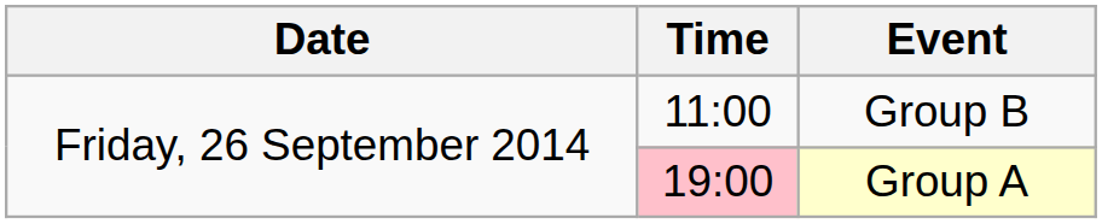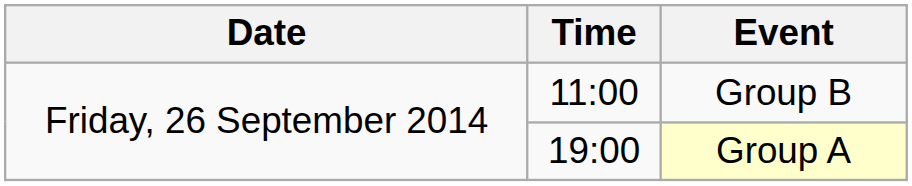 <table class = "wikitable" style="text-align:center;">
 <tr>
 <th width=220>Date</th>
 <th width=50>Time</th>
 <th width=100>Event</th>
 </tr>
 <tr>
 <td rowspan=2>Friday, 26 September 2014</td>
 <td>11:00</td>
 <td>Group B</td>
 </tr>
 <tr>
-<td style="background: pink;">19:00</td>
+<td>19:00</td>
 <td bgcolor=ffffcc>Group A</td>
 </tr>
 </table>
